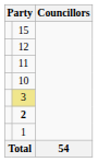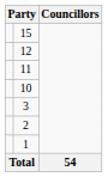 <table class="wikitable">
 <tr>
 <th colspan=2>Party</th>
 <th>Councillors</th>
 </tr>
 <tr>
 <td></td>
 <td align=center>15</td>
 </tr>
 <tr>
 <td></td>
 <td align=center>12</td>
 </tr>
 <tr>
 <td></td>
 <td align=center>11</td>
 </tr>
 <tr>
 <td></td>
 <td align=center>10</td>
 </tr>
 <tr>
 <td></td>
-<td align=center style="background: khaki;">3</td>
+<td align=center>3</td>
 </tr>
 <tr>
 <td></td>
-<td align=center><strong>2</strong></td>
+<td align=center>2</td>
 </tr>
 <tr>
 <td></td>
 <td align=center>1</td>
 </tr>
 <tr>
 <th colspan=2>Total</th>
 <th align=center>54</th>
 </tr>
 </table>
